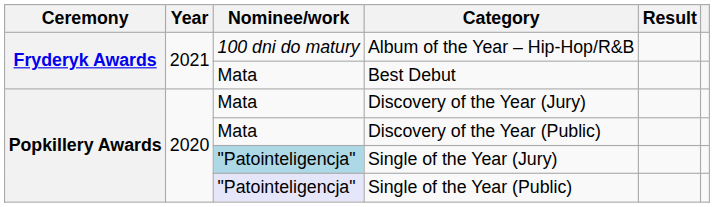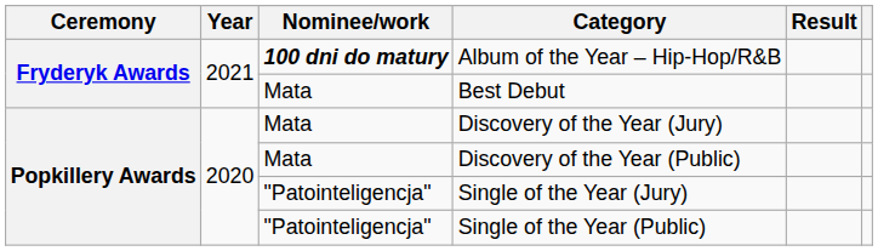 <table class="wikitable plainrowheaders sortable">
 <tr style="background:#ccc; text-align:center;">
 <th scope="col">Ceremony</th>
 <th scope="col">Year</th>
 <th scope="col">Nominee/work</th>
 <th scope="col">Category</th>
 <th scope="col">Result</th>
 <th scope="col" class="unsortable"></th>
 </tr>
 <tr>
 <th scope="row" rowspan="2"><a href='#'>Fryderyk Awards</a></th>
 <td style="text-align:center;" rowspan="2">2021</td>
-<td><em>100 dni do matury</em></td>
+<td><strong><em>100 dni do matury</em></strong></td>
 <td>Album of the Year – Hip-Hop/R&B</td>
 <td></td>
 <td style="text-align:center;"></td>
 </tr>
 <tr>
 <td>Mata</td>
 <td>Best Debut</td>
 <td></td>
 <td style="text-align:center;"></td>
 </tr>
 <tr>
 <th scope="row" rowspan="4">Popkillery Awards</th>
 <td style="text-align:center;" rowspan="4">2020</td>
 <td>Mata</td>
 <td>Discovery of the Year (Jury)</td>
 <td></td>
 <td style="text-align:center;"></td>
 </tr>
 <tr>
 <td>Mata</td>
 <td>Discovery of the Year (Public)</td>
 <td></td>
 <td style="text-align:center;"></td>
 </tr>
 <tr>
-<td style="background: lightblue;">"Patointeligencja"</td>
+<td>"Patointeligencja"</td>
 <td>Single of the Year (Jury)</td>
 <td></td>
 <td style="text-align:center;"></td>
 </tr>
 <tr>
-<td style="background: lavender;">"Patointeligencja"</td>
+<td>"Patointeligencja"</td>
 <td>Single of the Year (Public)</td>
 <td></td>
 <td style="text-align:center;"></td>
 </tr>
 </table>
